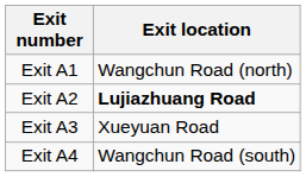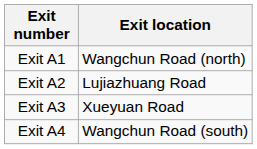 <table class="wikitable">
 <tr>
 <th style="width:70px">Exit number</th>
 <th>Exit location</th>
 </tr>
 <tr>
 <td align="center">Exit A1</td>
 <td>Wangchun Road (north)</td>
 </tr>
 <tr>
 <td align="center">Exit A2</td>
-<td><strong>Lujiazhuang Road</strong></td>
+<td>Lujiazhuang Road</td>
 </tr>
 <tr>
 <td align="center">Exit A3</td>
 <td>Xueyuan Road</td>
 </tr>
 <tr>
 <td align="center">Exit A4</td>
 <td>Wangchun Road (south)</td>
 </tr>
 </table>
